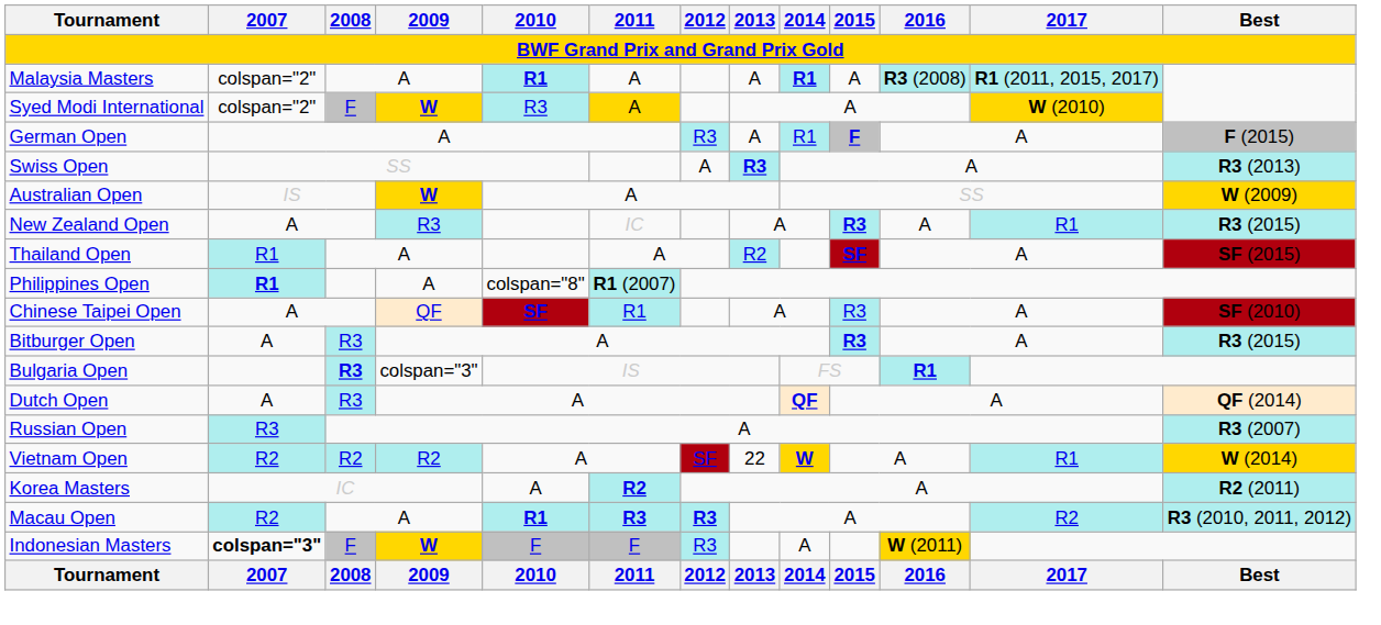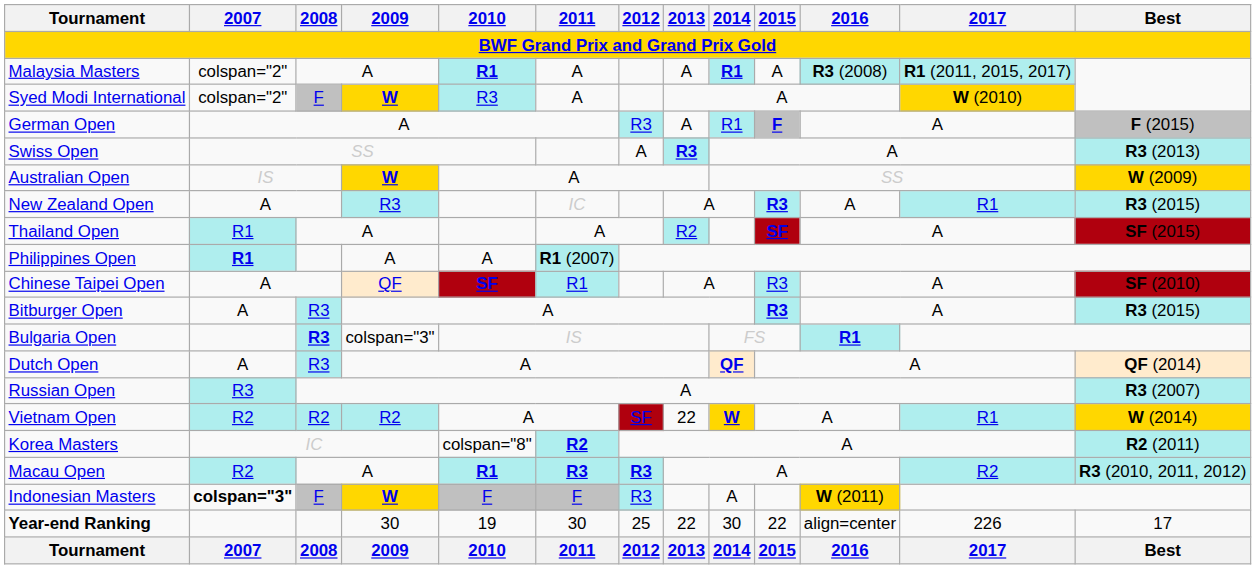 <table class="wikitable" style="font-size: 90%; text-align:center">
 <tr>
 <th>Tournament</th>
 <th><a href='#'>2007</a></th>
 <th><a href='#'>2008</a></th>
 <th><a href='#'>2009</a></th>
 <th><a href='#'>2010</a></th>
 <th><a href='#'>2011</a></th>
 <th><a href='#'>2012</a></th>
 <th><a href='#'>2013</a></th>
 <th><a href='#'>2014</a></th>
 <th><a href='#'>2015</a></th>
 <th><a href='#'>2016</a></th>
 <th><a href='#'>2017</a></th>
 <th>Best</th>
 </tr>
 <tr bgcolor=FFD700>
 <td colspan="13" align=center><strong><a href='#'>BWF Grand Prix and Grand Prix Gold</a></strong></td>
 </tr>
 <tr>
 <td align=left><a href='#'>Malaysia Masters</a></td>
 <td>colspan="2" </td>
 <td colspan="2">A</td>
 <td bgcolor=AFEEEE><a href='#'><strong>R1</strong></a></td>
 <td>A</td>
 <td></td>
 <td>A</td>
 <td bgcolor=AFEEEE><a href='#'><strong>R1</strong></a></td>
 <td>A</td>
 <td bgcolor=AFEEEE><strong>R3</strong> (2008)</td>
 <td bgcolor=AFEEEE><strong>R1</strong> (2011, 2015, 2017)</td>
 </tr>
 <tr>
 <td align=left><a href='#'>Syed Modi International</a></td>
 <td>colspan="2" </td>
 <td bgcolor=Silver><a href='#'>F</a></td>
 <td bgcolor=Gold><a href='#'><strong>W</strong></a></td>
 <td bgcolor=AFEEEE><a href='#'>R3</a></td>
-<td style="background: gold;">A</td>
+<td>A</td>
 <td></td>
 <td colspan="4">A</td>
 <td bgcolor=Gold><strong>W</strong> (2010)</td>
 </tr>
 <tr>
 <td align=left><a href='#'>German Open</a></td>
 <td colspan="5">A</td>
 <td bgcolor=AFEEEE><a href='#'>R3</a></td>
 <td>A</td>
 <td bgcolor=AFEEEE><a href='#'>R1</a></td>
 <td bgcolor=Silver><a href='#'><strong>F</strong></a></td>
 <td colspan="2">A</td>
 <td bgcolor=Silver><strong>F</strong> (2015)</td>
 </tr>
 <tr>
 <td align=left><a href='#'>Swiss Open</a></td>
 <td colspan="4" style=color:#ccc><em>SS</em></td>
 <td></td>
 <td>A</td>
 <td bgcolor=AFEEEE><a href='#'><strong>R3</strong></a></td>
 <td colspan="4">A</td>
 <td bgcolor=AFEEEE><strong>R3</strong> (2013)</td>
 </tr>
 <tr>
 <td align=left><a href='#'>Australian Open</a></td>
 <td colspan="2" style=color:#ccc><em>IS</em></td>
 <td bgcolor=Gold><a href='#'><strong>W</strong></a></td>
 <td colspan="4">A</td>
 <td colspan="4" style=color:#ccc><em>SS</em></td>
 <td bgcolor=Gold><strong>W</strong> (2009)</td>
 </tr>
 <tr>
 <td align=left><a href='#'>New Zealand Open</a></td>
 <td colspan="2">A</td>
 <td bgcolor=AFEEEE><a href='#'>R3</a></td>
 <td></td>
 <td style=color:#ccc><em>IC</em></td>
 <td></td>
 <td colspan="2">A</td>
 <td bgcolor=AFEEEE><a href='#'><strong>R3</strong></a></td>
 <td>A</td>
 <td bgcolor=AFEEEE><a href='#'>R1</a></td>
 <td bgcolor=AFEEEE><strong>R3</strong> (2015)</td>
 </tr>
 <tr>
 <td align=left><a href='#'>Thailand Open</a></td>
 <td bgcolor=AFEEEE><a href='#'>R1</a></td>
 <td colspan="2">A</td>
 <td></td>
 <td colspan="2">A</td>
 <td bgcolor=AFEEEE><a href='#'>R2</a></td>
 <td></td>
 <td bgcolor=Bronze><a href='#'><strong>SF</strong></a></td>
 <td colspan="2">A</td>
 <td bgcolor=Bronze><strong>SF</strong> (2015)</td>
 </tr>
 <tr>
 <td align=left><a href='#'>Philippines Open</a></td>
 <td bgcolor=AFEEEE><a href='#'><strong>R1</strong></a></td>
 <td></td>
 <td>A</td>
-<td>colspan="8" </td>
+<td>A</td>
 <td bgcolor=AFEEEE><strong>R1</strong> (2007)</td>
 </tr>
 <tr>
 <td align=left><a href='#'>Chinese Taipei Open</a></td>
 <td colspan="2">A</td>
 <td bgcolor=FFEBCD><a href='#'>QF</a></td>
 <td bgcolor=Bronze><a href='#'><strong>SF</strong></a></td>
 <td bgcolor=AFEEEE><a href='#'>R1</a></td>
 <td></td>
 <td colspan="2">A</td>
 <td bgcolor=AFEEEE><a href='#'>R3</a></td>
 <td colspan="2">A</td>
 <td bgcolor=Bronze><strong>SF</strong> (2010)</td>
 </tr>
 <tr>
 <td align=left><a href='#'>Bitburger Open</a></td>
 <td>A</td>
 <td bgcolor=AFEEEE><a href='#'>R3</a></td>
 <td colspan="6">A</td>
 <td bgcolor=AFEEEE><a href='#'><strong>R3</strong></a></td>
 <td colspan="2">A</td>
 <td bgcolor=AFEEEE><strong>R3</strong> (2015)</td>
 </tr>
 <tr>
 <td align=left><a href='#'>Bulgaria Open</a></td>
 <td></td>
 <td bgcolor=AFEEEE><a href='#'><strong>R3</strong></a></td>
 <td>colspan="3" </td>
 <td colspan="4" style=color:#ccc><em>IS</em></td>
 <td colspan="2" style=color:#ccc><em>FS</em></td>
 <td bgcolor=AFEEEE><a href='#'><strong>R1</strong></a></td>
 </tr>
 <tr>
 <td align=left><a href='#'>Dutch Open</a></td>
 <td>A</td>
 <td bgcolor=AFEEEE><a href='#'>R3</a></td>
 <td colspan="5">A</td>
 <td bgcolor=FFEBCD><a href='#'><strong>QF</strong></a></td>
 <td colspan="3">A</td>
 <td bgcolor=FFEBCD><strong>QF</strong> (2014)</td>
 </tr>
 <tr>
 <td align=left><a href='#'>Russian Open</a></td>
 <td bgcolor=AFEEEE><a href='#'>R3</a></td>
 <td colspan="10">A</td>
 <td bgcolor=AFEEEE><strong>R3</strong> (2007)</td>
 </tr>
 <tr>
 <td align=left><a href='#'>Vietnam Open</a></td>
 <td bgcolor=AFEEEE><a href='#'>R2</a></td>
 <td bgcolor=AFEEEE><a href='#'>R2</a></td>
 <td bgcolor=AFEEEE><a href='#'>R2</a></td>
 <td colspan="2">A</td>
 <td bgcolor=Bronze><a href='#'>SF</a></td>
 <td align=center>22</td>
 <td bgcolor=Gold><a href='#'><strong>W</strong></a></td>
 <td colspan="2">A</td>
 <td bgcolor=AFEEEE><a href='#'>R1</a></td>
 <td bgcolor=Gold><strong>W</strong> (2014)</td>
 </tr>
 <tr>
 <td align=left><a href='#'>Korea Masters</a></td>
 <td colspan="3" style=color:#ccc><em>IC</em></td>
-<td>A</td>
+<td>colspan="8" </td>
 <td bgcolor=AFEEEE><a href='#'><strong>R2</strong></a></td>
 <td colspan="6">A</td>
 <td bgcolor=AFEEEE><strong>R2</strong> (2011)</td>
 </tr>
 <tr>
 <td align=left><a href='#'>Macau Open</a></td>
 <td bgcolor=AFEEEE><a href='#'>R2</a></td>
 <td colspan="2">A</td>
 <td bgcolor=AFEEEE><a href='#'><strong>R1</strong></a></td>
 <td bgcolor=AFEEEE><a href='#'><strong>R3</strong></a></td>
 <td bgcolor=AFEEEE><a href='#'><strong>R3</strong></a></td>
 <td colspan="4">A</td>
 <td bgcolor=AFEEEE><a href='#'>R2</a></td>
 <td bgcolor=AFEEEE><strong>R3</strong> (2010, 2011, 2012)</td>
 </tr>
 <tr>
 <td align=left><a href='#'>Indonesian Masters</a></td>
 <td><strong>colspan="3" </strong></td>
 <td bgcolor=Silver><a href='#'>F</a></td>
 <td bgcolor=Gold><a href='#'><strong>W</strong></a></td>
 <td bgcolor=Silver><a href='#'>F</a></td>
 <td bgcolor=Silver><a href='#'>F</a></td>
 <td bgcolor=AFEEEE><a href='#'>R3</a></td>
 <td></td>
 <td>A</td>
 <td></td>
 <td bgcolor=Gold><strong>W</strong> (2011)</td>
 </tr>
 <tr>
+<td align=left><strong>Year-end Ranking</strong></td>
+<td></td>
+<td></td>
+<td align=center>30</td>
+<td align=center>19</td>
+<td align=center>30</td>
+<td align=center>25</td>
+<td align=center>22</td>
+<td align=center>30</td>
+<td align=center>22</td>
+<td>align=center </td>
+<td align=center>226</td>
+<td align=center>17</td>
+</tr>
+<tr>
 <th>Tournament</th>
 <th><a href='#'>2007</a></th>
 <th><a href='#'>2008</a></th>
 <th><a href='#'>2009</a></th>
 <th><a href='#'>2010</a></th>
 <th><a href='#'>2011</a></th>
 <th><a href='#'>2012</a></th>
 <th><a href='#'>2013</a></th>
 <th><a href='#'>2014</a></th>
 <th><a href='#'>2015</a></th>
 <th><a href='#'>2016</a></th>
 <th><a href='#'>2017</a></th>
 <th>Best</th>
 </tr>
 </table>
